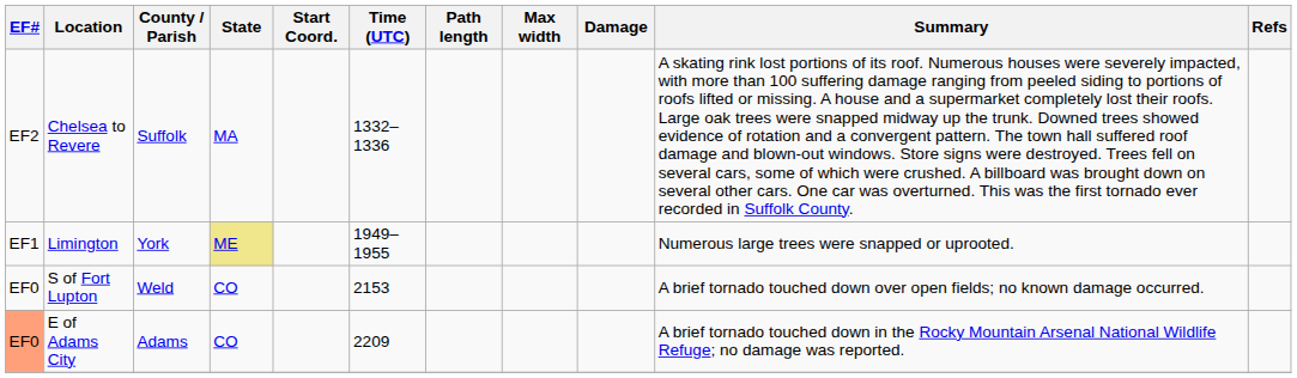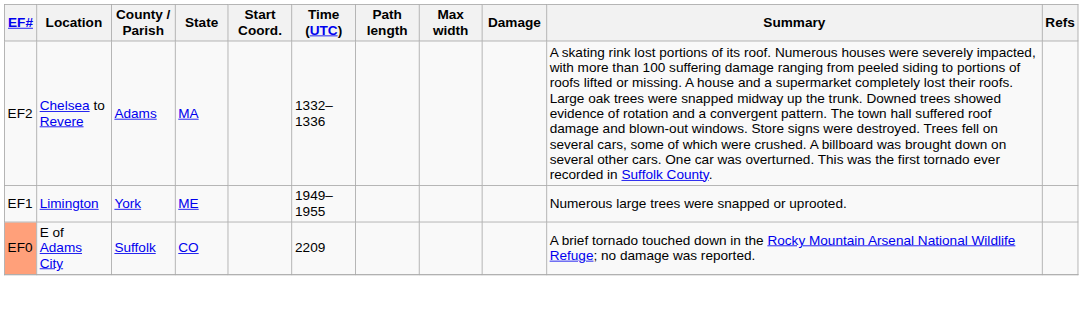 <table class="wikitable sortable" style="width:100%;">
 <tr>
 <th scope="col" width="3%" align="center"><a href='#'>EF#</a></th>
 <th scope="col" width="7%" align="center" class="unsortable">Location</th>
 <th scope="col" width="6%" align="center" class="unsortable">County / Parish</th>
 <th scope="col" width="5%" align="center">State</th>
 <th scope="col" width="6%" align="center">Start Coord.</th>
 <th scope="col" width="6%" align="center">Time (<a href='#'>UTC</a>)</th>
 <th scope="col" width="6%" align="center">Path length</th>
 <th scope="col" width="6%" align="center">Max width</th>
 <th scope="col" width="6%" align="center">Damage</th>
 <th scope="col" width="48%" class="unsortable" align="center">Summary</th>
 <th scope="col" width="48%" class="unsortable" align="center">Refs</th>
 </tr>
 <tr>
 <td>EF2</td>
 <td><a href='#'>Chelsea</a> to <a href='#'>Revere</a></td>
-<td><a href='#'>Suffolk</a></td>
+<td><a href='#'>Adams</a></td>
 <td><a href='#'>MA</a></td>
 <td></td>
 <td>1332–1336</td>
 <td></td>
 <td></td>
 <td></td>
 <td>A skating rink lost portions of its roof. Numerous houses were severely impacted, with more than 100 suffering damage ranging from peeled siding to portions of roofs lifted or missing. A house and a supermarket completely lost their roofs. Large oak trees were snapped midway up the trunk. Downed trees showed evidence of rotation and a convergent pattern. The town hall suffered roof damage and blown-out windows. Store signs were destroyed. Trees fell on several cars, some of which were crushed. A billboard was brought down on several other cars. One car was overturned. This was the first tornado ever recorded in <a href='#'>Suffolk County</a>.</td>
 <td></td>
 </tr>
 <tr>
 <td>EF1</td>
 <td><a href='#'>Limington</a></td>
 <td><a href='#'>York</a></td>
-<td style="background: khaki;"><a href='#'>ME</a></td>
+<td><a href='#'>ME</a></td>
 <td></td>
 <td>1949–1955</td>
 <td></td>
 <td></td>
 <td></td>
 <td>Numerous large trees were snapped or uprooted.</td>
 <td></td>
 </tr>
 <tr>
-<td>EF0</td>
-<td>S of <a href='#'>Fort Lupton</a></td>
-<td><a href='#'>Weld</a></td>
-<td><a href='#'>CO</a></td>
-<td></td>
-<td>2153</td>
-<td></td>
-<td></td>
-<td></td>
-<td>A brief tornado touched down over open fields; no known damage occurred.</td>
-<td></td>
-</tr>
-<tr>
 <td style="background: lightsalmon;">EF0</td>
 <td>E of <a href='#'>Adams City</a></td>
-<td><a href='#'>Adams</a></td>
+<td><a href='#'>Suffolk</a></td>
 <td><a href='#'>CO</a></td>
 <td></td>
 <td>2209</td>
 <td></td>
 <td></td>
 <td></td>
 <td>A brief tornado touched down in the <a href='#'>Rocky Mountain Arsenal National Wildlife Refuge</a>; no damage was reported.</td>
 <td></td>
 </tr>
 <tr>
 </tr>
 </table>
